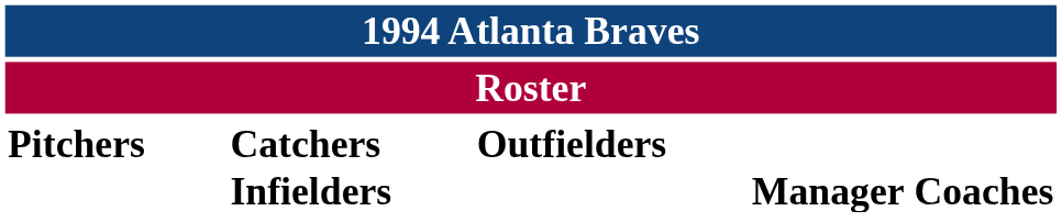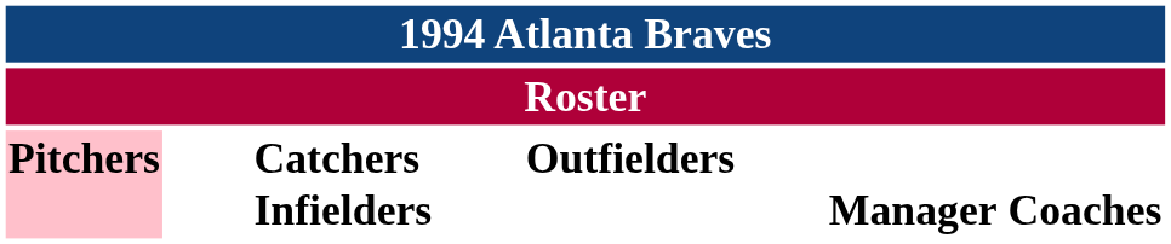 <table class="toccolours" style="font-size: 95%;">
 <tr>
 <th colspan="10" style="background-color: #0f437c; color: #FFFFFF; text-align: center;">1994 Atlanta Braves</th>
 </tr>
 <tr>
 <td colspan="10" style="background-color:#af0039; color: white; text-align: center;"><strong>Roster</strong></td>
 </tr>
 <tr>
-<td valign="top"><strong>Pitchers</strong><br>           </td>
+<td valign="top" style="background: pink;"><strong>Pitchers</strong><br>           </td>
 <td width="25px"></td>
 <td valign="top"><strong>Catchers</strong><br>  <strong>Infielders</strong>        </td>
 <td width="25px"></td>
 <td valign="top"><strong>Outfielders</strong><br>       </td>
 <td width="25px"></td>
 <td valign="top"><br><strong>Manager</strong>  <strong>Coaches</strong>      </td>
 </tr>
 </table>
